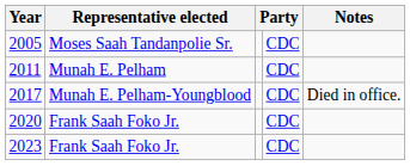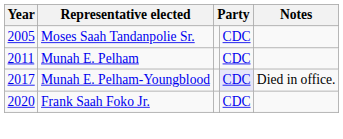 <table class="wikitable">
 <tr>
 <th>Year</th>
 <th>Representative elected</th>
 <th colspan=2>Party</th>
 <th>Notes</th>
 </tr>
 <tr>
 <td><a href='#'>2005</a></td>
 <td><a href='#'>Moses Saah Tandanpolie Sr.</a></td>
 <td></td>
 <td><a href='#'>CDC</a></td>
 <td></td>
 </tr>
 <tr>
 <td><a href='#'>2011</a></td>
 <td><a href='#'>Munah E. Pelham</a></td>
 <td></td>
 <td><a href='#'>CDC</a></td>
 <td></td>
 </tr>
 <tr>
 <td><a href='#'>2017</a></td>
 <td><a href='#'>Munah E. Pelham-Youngblood</a></td>
 <td></td>
-<td><a href='#'>CDC</a></td>
+<td style="background: lavender;"><a href='#'>CDC</a></td>
 <td>Died in office.</td>
 </tr>
 <tr>
 <td><a href='#'>2020</a></td>
 <td><a href='#'>Frank Saah Foko Jr.</a></td>
 <td></td>
 <td><a href='#'>CDC</a></td>
 <td></td>
 </tr>
-<tr>
-<td><a href='#'>2023</a></td>
-<td><a href='#'>Frank Saah Foko Jr.</a></td>
-<td></td>
-<td><a href='#'>CDC</a></td>
-<td></td>
-</tr>
 </table>
